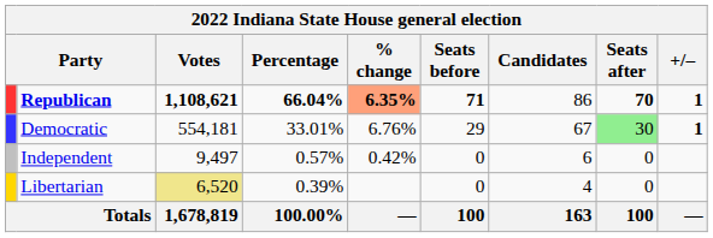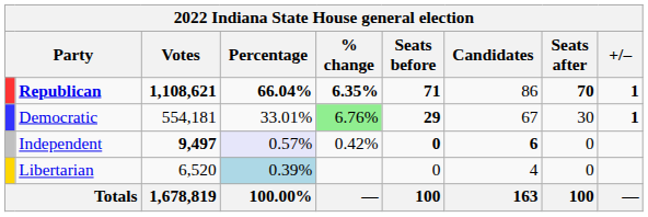 <table class="wikitable">
 <tr>
 <th colspan="9">2022 Indiana State House general election</th>
 </tr>
 <tr style="text-align:center">
 <th colspan=2 style="width: 15em">Party</th>
 <th style="width: 5em">Votes</th>
 <th style="width: 7em">Percentage</th>
 <th style="width: 5em">% change</th>
 <th style="width: 5em">Seats<br>before</th>
 <th style="width: 7em">Candidates</th>
 <th style="width: 5em">Seats<br>after</th>
 <th style="width: 5em">+/–</th>
 </tr>
 <tr>
 <th style="background-color:#FF3333; width: 3px"></th>
 <td style="width: 130px" ><strong><a href='#'>Republican</a></strong></td>
 <td align="right" ><strong>1,108,621</strong></td>
 <td align="right" ><strong>66.04%</strong></td>
-<td style="background: lightsalmon; text-align:right" {><strong>6.35%</strong></td>
+<td style="text-align:right" {><strong>6.35%</strong></td>
 <td align="right" ><strong>71</strong></td>
 <td align="right" >86</td>
 <td align="right" ><strong>70</strong></td>
 <td align="right"><strong>1</strong></td>
 </tr>
 <tr>
 <th style="background-color:#3333FF; width: 3px"></th>
 <td style="width: 130px"><a href='#'>Democratic</a></td>
 <td align="right">554,181</td>
 <td align="right">33.01%</td>
-<td align="right" {>6.76%</td>
-<td align="right">29</td>
+<td align="right" { style="background: lightgreen;">6.76%</td>
+<td align="right"><strong>29</strong></td>
 <td align="right">67</td>
-<td align="right" style="background: lightgreen;">30</td>
+<td align="right">30</td>
 <td align="right" ><strong>1</strong></td>
 </tr>
 <tr>
 <th style="background-color:silver; width: 3px"></th>
 <td style="width: 130px"><a href='#'>Independent</a></td>
-<td style="text-align:right">9,497</td>
-<td style="text-align:right">0.57%</td>
+<td style="text-align:right"><strong>9,497</strong></td>
+<td style="background: lavender; text-align:right">0.57%</td>
 <td align="right">0.42%</td>
-<td style="text-align:right">0</td>
-<td style="text-align:right">6</td>
+<td style="text-align:right"><strong>0</strong></td>
+<td style="text-align:right"><strong>6</strong></td>
 <td style="text-align:right">0</td>
 <td style="text-align:right"></td>
 </tr>
 <tr>
 <th style="background-color:gold; width: 3px"></th>
 <td style="width: 130px"><a href='#'>Libertarian</a></td>
-<td style="background: khaki; text-align:right">6,520</td>
-<td style="text-align:right">0.39%</td>
+<td style="text-align:right">6,520</td>
+<td style="background: lightblue; text-align:right">0.39%</td>
 <td style="text-align:right"></td>
 <td style="text-align:right">0</td>
 <td style="text-align:right">4</td>
 <td style="text-align:right">0</td>
 <td style="text-align:right"></td>
 </tr>
 <tr>
 <th colspan="2" style="text-align:right">Totals</th>
 <th style="text-align:right">1,678,819</th>
 <th style="text-align:right">100.00%</th>
 <th style="text-align:right">—</th>
 <th style="text-align:right">100</th>
 <th style="text-align:right">163</th>
 <th style="text-align:right">100</th>
 <th style="text-align:right">—</th>
 </tr>
 </table>
